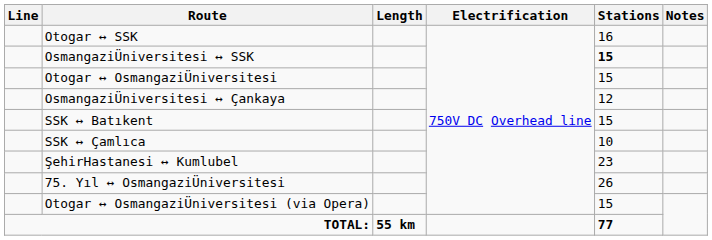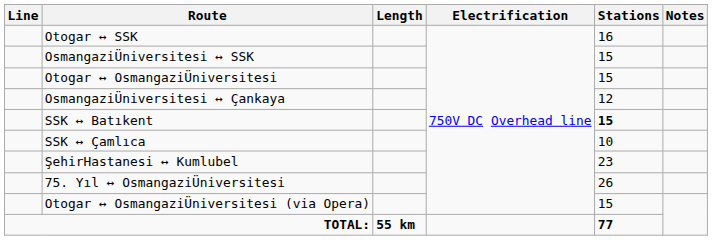 <table class="wikitable">
 <tr>
 <th>Line</th>
 <th>Route</th>
 <th>Length</th>
 <th>Electrification</th>
 <th>Stations</th>
 <th>Notes</th>
 </tr>
 <tr>
 <td></td>
 <td>Otogar ↔ SSK</td>
 <td></td>
 <td rowspan="9"><a href='#'>750V DC</a> <a href='#'>Overhead line</a></td>
 <td>16</td>
 <td></td>
 </tr>
 <tr>
 <td></td>
 <td>OsmangaziÜniversitesi ↔ SSK</td>
 <td></td>
-<td><strong>15</strong></td>
+<td>15</td>
 <td></td>
 </tr>
 <tr>
 <td></td>
 <td>Otogar ↔ OsmangaziÜniversitesi</td>
 <td></td>
 <td>15</td>
 <td></td>
 </tr>
 <tr>
 <td></td>
 <td>OsmangaziÜniversitesi ↔ Çankaya</td>
 <td></td>
 <td>12</td>
 <td></td>
 </tr>
 <tr>
 <td></td>
 <td>SSK ↔ Batıkent</td>
 <td></td>
-<td>15</td>
+<td><strong>15</strong></td>
 <td></td>
 </tr>
 <tr>
 <td></td>
 <td>SSK ↔ Çamlıca</td>
 <td></td>
 <td>10</td>
 <td></td>
 </tr>
 <tr>
 <td></td>
 <td>ŞehirHastanesi ↔ Kumlubel</td>
 <td></td>
 <td>23</td>
 <td></td>
 </tr>
 <tr>
 <td></td>
 <td>75. Yıl ↔ OsmangaziÜniversitesi</td>
 <td></td>
 <td>26</td>
 <td></td>
 </tr>
 <tr>
 <td></td>
 <td>Otogar ↔ OsmangaziÜniversitesi (via Opera)</td>
 <td></td>
 <td>15</td>
 </tr>
 <tr>
 <td colspan="2" style="text-align:right;"><strong>TOTAL:</strong></td>
 <td><strong>55 km</strong></td>
 <td></td>
 <td><strong>77</strong></td>
 </tr>
 </table>
